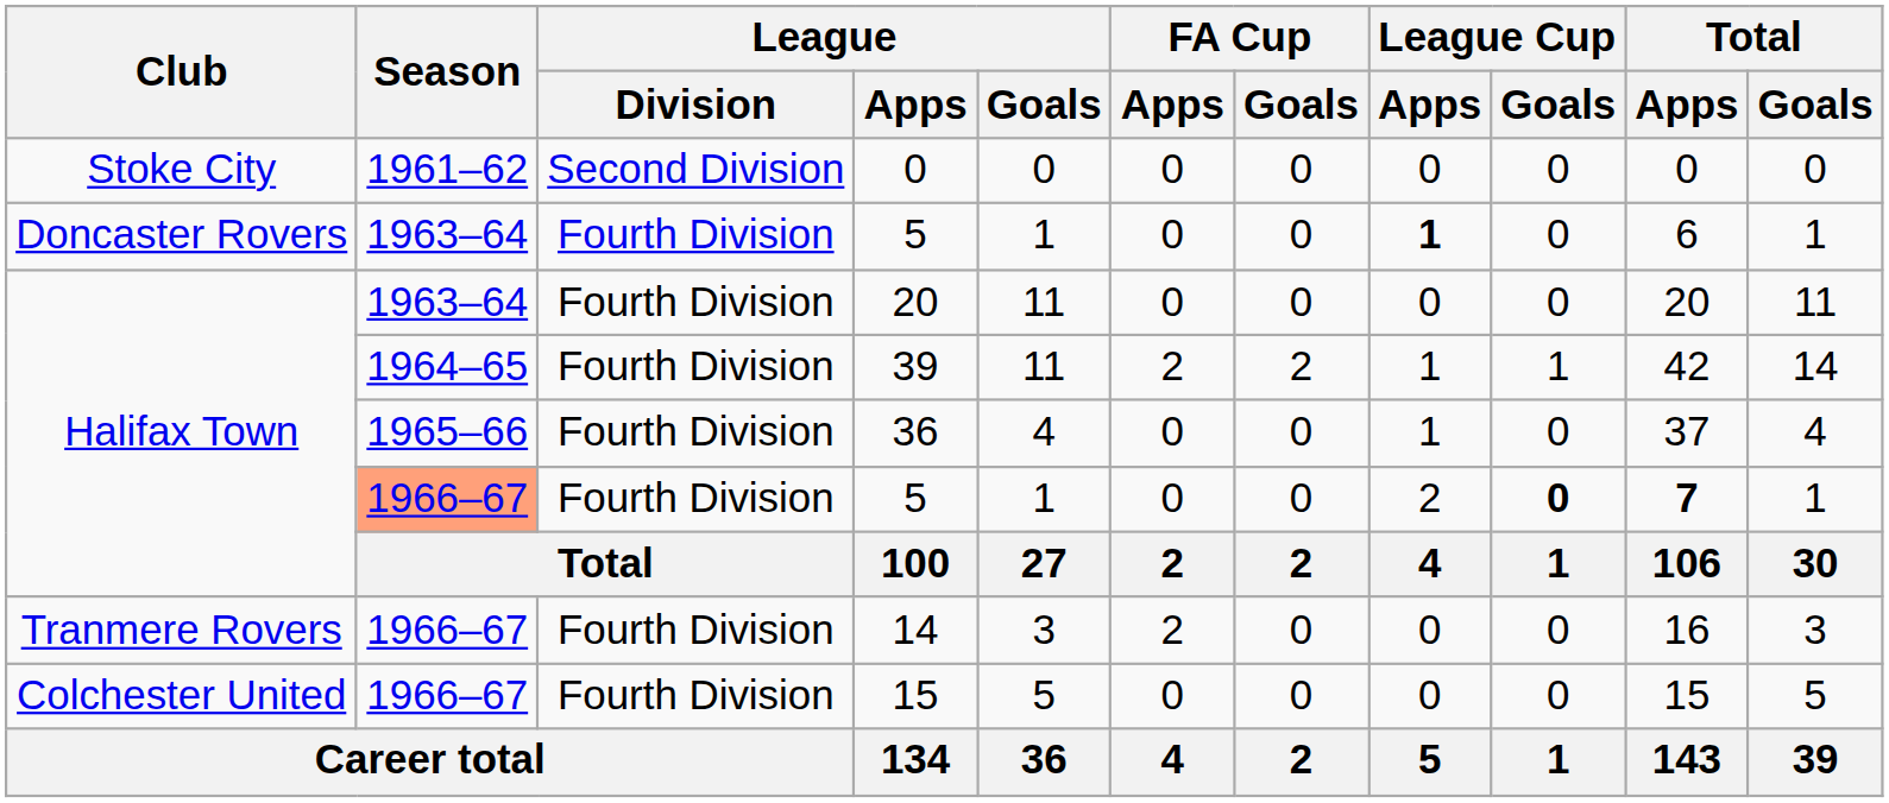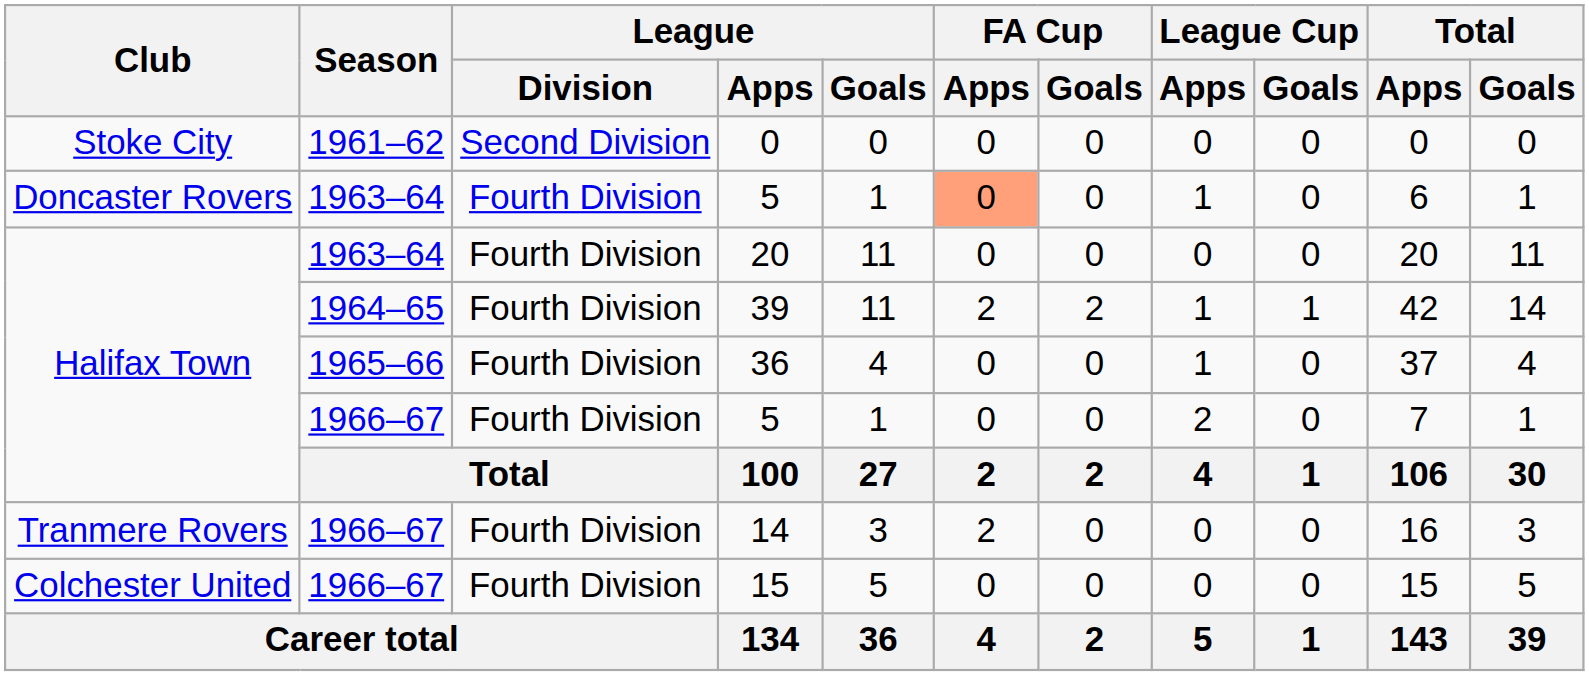 <table class="wikitable" style="text-align: center;">
 <tr>
 <th rowspan="2">Club</th>
 <th rowspan="2">Season</th>
 <th colspan="3">League</th>
 <th colspan="2">FA Cup</th>
 <th colspan="2">League Cup</th>
 <th colspan="2">Total</th>
 </tr>
 <tr>
 <th>Division</th>
 <th>Apps</th>
 <th>Goals</th>
 <th>Apps</th>
 <th>Goals</th>
 <th>Apps</th>
 <th>Goals</th>
 <th>Apps</th>
 <th>Goals</th>
 </tr>
 <tr>
 <td><a href='#'>Stoke City</a></td>
 <td><a href='#'>1961–62</a></td>
 <td><a href='#'>Second Division</a></td>
 <td>0</td>
 <td>0</td>
 <td>0</td>
 <td>0</td>
 <td>0</td>
 <td>0</td>
 <td>0</td>
 <td>0</td>
 </tr>
 <tr>
 <td><a href='#'>Doncaster Rovers</a></td>
 <td><a href='#'>1963–64</a></td>
 <td><a href='#'>Fourth Division</a></td>
 <td>5</td>
 <td>1</td>
+<td style="background: lightsalmon;">0</td>
 <td>0</td>
-<td>0</td>
-<td><strong>1</strong></td>
+<td>1</td>
 <td>0</td>
 <td>6</td>
 <td>1</td>
 </tr>
 <tr>
 <td rowspan=5><a href='#'>Halifax Town</a></td>
 <td><a href='#'>1963–64</a></td>
 <td>Fourth Division</td>
 <td>20</td>
 <td>11</td>
 <td>0</td>
 <td>0</td>
 <td>0</td>
 <td>0</td>
 <td>20</td>
 <td>11</td>
 </tr>
 <tr>
 <td><a href='#'>1964–65</a></td>
 <td>Fourth Division</td>
 <td>39</td>
 <td>11</td>
 <td>2</td>
 <td>2</td>
 <td>1</td>
 <td>1</td>
 <td>42</td>
 <td>14</td>
 </tr>
 <tr>
 <td><a href='#'>1965–66</a></td>
 <td>Fourth Division</td>
 <td>36</td>
 <td>4</td>
 <td>0</td>
 <td>0</td>
 <td>1</td>
 <td>0</td>
 <td>37</td>
 <td>4</td>
 </tr>
 <tr>
-<td style="background: lightsalmon;"><a href='#'>1966–67</a></td>
+<td><a href='#'>1966–67</a></td>
 <td>Fourth Division</td>
 <td>5</td>
 <td>1</td>
 <td>0</td>
 <td>0</td>
 <td>2</td>
-<td><strong>0</strong></td>
-<td><strong>7</strong></td>
+<td>0</td>
+<td>7</td>
 <td>1</td>
 </tr>
 <tr>
 <th colspan=2>Total</th>
 <th>100</th>
 <th>27</th>
 <th>2</th>
 <th>2</th>
 <th>4</th>
 <th>1</th>
 <th>106</th>
 <th>30</th>
 </tr>
 <tr>
 <td><a href='#'>Tranmere Rovers</a></td>
 <td><a href='#'>1966–67</a></td>
 <td>Fourth Division</td>
 <td>14</td>
 <td>3</td>
 <td>2</td>
 <td>0</td>
 <td>0</td>
 <td>0</td>
 <td>16</td>
 <td>3</td>
 </tr>
 <tr>
 <td><a href='#'>Colchester United</a></td>
 <td><a href='#'>1966–67</a></td>
 <td>Fourth Division</td>
 <td>15</td>
 <td>5</td>
 <td>0</td>
 <td>0</td>
 <td>0</td>
 <td>0</td>
 <td>15</td>
 <td>5</td>
 </tr>
 <tr>
 <th colspan="3">Career total</th>
 <th>134</th>
 <th>36</th>
 <th>4</th>
 <th>2</th>
 <th>5</th>
 <th>1</th>
 <th>143</th>
 <th>39</th>
 </tr>
 </table>
